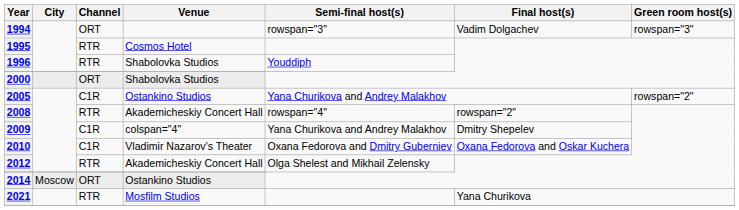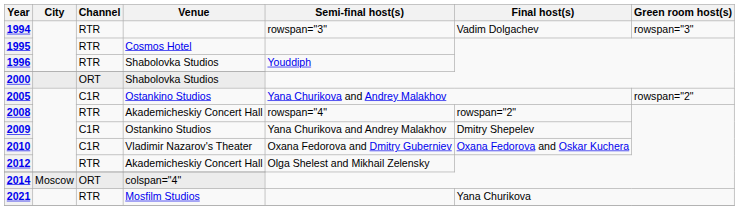 <table class="wikitable plainrowheaders">
 <tr>
 <th scope="col">Year</th>
 <th scope="col">City</th>
 <th scope="col">Channel</th>
 <th scope="col">Venue</th>
 <th scope="col">Semi-final host(s)</th>
 <th scope="col">Final host(s)</th>
 <th scope="col">Green room host(s)</th>
 </tr>
 <tr>
 <th scope="row"><a href='#'>1994</a></th>
 <td rowspan="3"></td>
-<td> ORT</td>
+<td> RTR</td>
 <td></td>
 <td>rowspan="3" </td>
 <td>Vadim Dolgachev</td>
 <td>rowspan="3" </td>
 </tr>
 <tr>
 <th scope="row"><a href='#'>1995</a></th>
 <td> RTR</td>
 <td><a href='#'>Cosmos Hotel</a></td>
 <td></td>
 </tr>
 <tr>
 <th scope="row"><a href='#'>1996</a></th>
 <td> RTR</td>
 <td>Shabolovka Studios</td>
 <td><a href='#'>Youddiph</a></td>
 </tr>
 <tr>
 </tr>
 <tr style=" background:#ececec;">
 <th scope="row"><a href='#'>2000</a></th>
 <td></td>
 <td> ORT</td>
 <td>Shabolovka Studios</td>
 </tr>
 <tr>
 <th scope="row"><a href='#'>2005</a></th>
 <td rowspan="5"></td>
 <td> C1R</td>
 <td><a href='#'>Ostankino Studios</a></td>
 <td colspan="2"><a href='#'>Yana Churikova</a> and <a href='#'>Andrey Malakhov</a></td>
 <td>rowspan="2" </td>
 </tr>
 <tr>
 <th scope="row"><a href='#'>2008</a></th>
 <td> RTR</td>
 <td>Akademicheskiy Concert Hall</td>
 <td>rowspan="4" </td>
 <td>rowspan="2" </td>
 </tr>
 <tr>
 <th scope="row"><a href='#'>2009</a></th>
 <td> C1R</td>
-<td>colspan="4" </td>
+<td>Ostankino Studios</td>
 <td>Yana Churikova and Andrey Malakhov</td>
 <td>Dmitry Shepelev</td>
 </tr>
 <tr>
 <th scope="row"><a href='#'>2010</a></th>
 <td> C1R</td>
 <td>Vladimir Nazarov's Theater</td>
 <td>Oxana Fedorova and <a href='#'>Dmitry Guberniev</a></td>
 <td><a href='#'>Oxana Fedorova</a> and <a href='#'>Oskar Kuchera</a></td>
 </tr>
 <tr>
 <th scope="row"><a href='#'>2012</a></th>
 <td> RTR</td>
 <td>Akademicheskiy Concert Hall</td>
 <td>Olga Shelest and Mikhail Zelensky</td>
 </tr>
 <tr>
 </tr>
 <tr style=" background:#ececec;">
 <th scope="row"><a href='#'>2014</a></th>
 <td>Moscow</td>
 <td> ORT</td>
-<td>Ostankino Studios</td>
+<td>colspan="4" </td>
 </tr>
 <tr>
 <th scope="row"><a href='#'>2021</a></th>
 <td></td>
 <td> RTR</td>
 <td><a href='#'>Mosfilm Studios</a></td>
 <td></td>
 <td colspan="2">Yana Churikova</td>
 </tr>
 <tr>
 </tr>
 </table>
